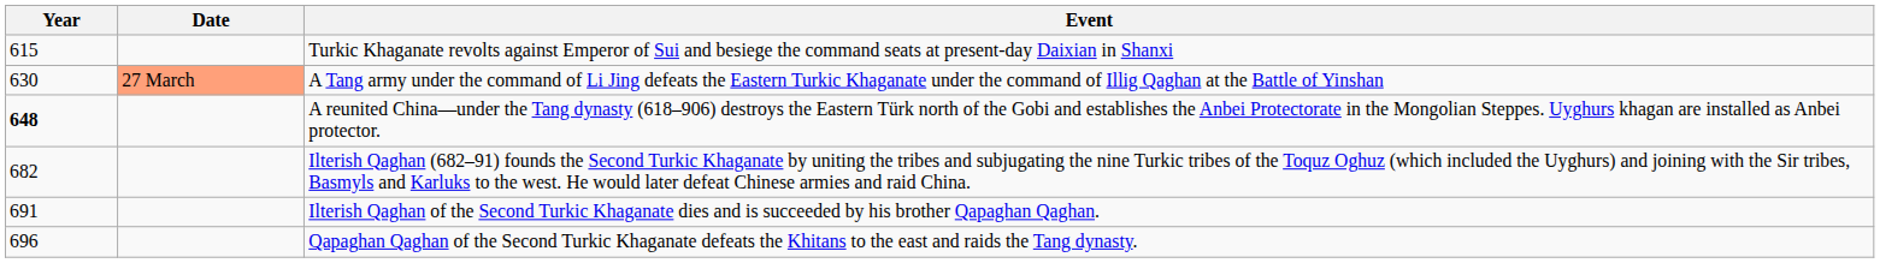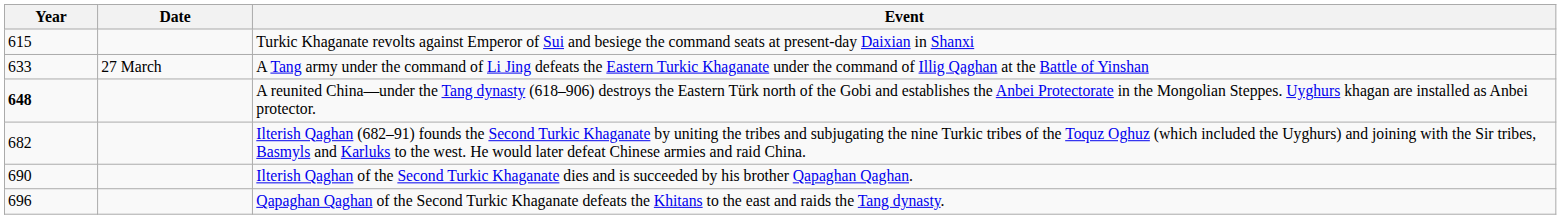 <table class="wikitable" width="100%">
 <tr>
 <th style="width:6%">Year</th>
 <th style="width:10%">Date</th>
 <th>Event</th>
 </tr>
 <tr>
 <td>615</td>
 <td></td>
 <td>Turkic Khaganate revolts against Emperor of <a href='#'>Sui</a> and besiege the command seats at present-day <a href='#'>Daixian</a> in <a href='#'>Shanxi</a></td>
 </tr>
 <tr>
-<td>630</td>
-<td style="background: lightsalmon;">27 March</td>
+<td>633</td>
+<td>27 March</td>
 <td>A <a href='#'>Tang</a> army under the command of <a href='#'>Li Jing</a> defeats the <a href='#'>Eastern Turkic Khaganate</a> under the command of <a href='#'>Illig Qaghan</a> at the <a href='#'>Battle of Yinshan</a></td>
 </tr>
 <tr>
 <td><strong>648</strong></td>
 <td></td>
 <td>A reunited China—under the <a href='#'>Tang dynasty</a> (618–906) destroys the Eastern Türk north of the Gobi and establishes the <a href='#'>Anbei Protectorate</a> in the Mongolian Steppes. <a href='#'>Uyghurs</a> khagan are installed as Anbei protector.</td>
 </tr>
 <tr>
 <td>682</td>
 <td></td>
 <td><a href='#'>Ilterish Qaghan</a> (682–91) founds the <a href='#'>Second Turkic Khaganate</a> by uniting the tribes and subjugating the nine Turkic tribes of the <a href='#'>Toquz Oghuz</a> (which included the Uyghurs) and joining with the Sir tribes, <a href='#'>Basmyls</a> and <a href='#'>Karluks</a> to the west. He would later defeat Chinese armies and raid China.</td>
 </tr>
 <tr>
-<td>691</td>
+<td>690</td>
 <td></td>
 <td><a href='#'>Ilterish Qaghan</a> of the <a href='#'>Second Turkic Khaganate</a> dies and is succeeded by his brother <a href='#'>Qapaghan Qaghan</a>.</td>
 </tr>
 <tr>
 <td>696</td>
 <td></td>
 <td><a href='#'>Qapaghan Qaghan</a> of the Second Turkic Khaganate defeats the <a href='#'>Khitans</a> to the east and raids the <a href='#'>Tang dynasty</a>.</td>
 </tr>
 </table>
